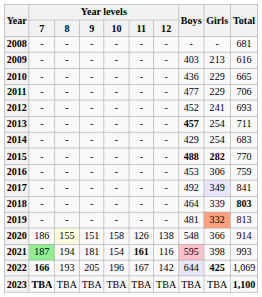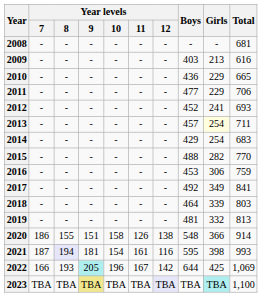 <table class="wikitable sortable">
 <tr>
 <th rowspan=2>Year</th>
 <th colspan=6>Year levels</th>
 <th rowspan=2>Boys</th>
 <th rowspan=2>Girls</th>
 <th rowspan=2>Total</th>
 </tr>
 <tr>
 <th>7</th>
 <th>8</th>
 <th>9</th>
 <th>10</th>
 <th>11</th>
 <th>12</th>
 </tr>
 <tr>
 <th>2008</th>
 <td style="text-align:center">-</td>
 <td style="text-align:center">-</td>
 <td style="text-align:center">-</td>
 <td style="text-align:center">-</td>
 <td style="text-align:center">-</td>
 <td style="text-align:center">-</td>
 <td style="text-align:center">-</td>
 <td style="text-align:center">-</td>
 <td style="text-align:center">681</td>
 </tr>
 <tr>
 <th>2009</th>
 <td style="text-align:center">-</td>
 <td style="text-align:center">-</td>
 <td style="text-align:center">-</td>
 <td style="text-align:center">-</td>
 <td style="text-align:center">-</td>
 <td style="text-align:center">-</td>
 <td style="text-align:center">403</td>
 <td style="text-align:center">213</td>
 <td style="text-align:center">616</td>
 </tr>
 <tr>
 <th>2010</th>
 <td style="text-align:center">-</td>
 <td style="text-align:center">-</td>
 <td style="text-align:center">-</td>
 <td style="text-align:center">-</td>
 <td style="text-align:center">-</td>
 <td style="text-align:center">-</td>
 <td style="text-align:center">436</td>
 <td style="text-align:center">229</td>
 <td style="text-align:center">665</td>
 </tr>
 <tr>
 <th>2011</th>
 <td style="text-align:center">-</td>
 <td style="text-align:center">-</td>
 <td style="text-align:center">-</td>
 <td style="text-align:center">-</td>
 <td style="text-align:center">-</td>
 <td style="text-align:center">-</td>
 <td style="text-align:center">477</td>
 <td style="text-align:center">229</td>
 <td style="text-align:center">706</td>
 </tr>
 <tr>
 <th>2012</th>
 <td style="text-align:center">-</td>
 <td style="text-align:center">-</td>
 <td style="text-align:center">-</td>
 <td style="text-align:center">-</td>
 <td style="text-align:center">-</td>
 <td style="text-align:center">-</td>
 <td style="text-align:center">452</td>
 <td style="text-align:center">241</td>
 <td style="text-align:center">693</td>
 </tr>
 <tr>
 <th>2013</th>
 <td style="text-align:center">-</td>
 <td style="text-align:center">-</td>
 <td style="text-align:center">-</td>
 <td style="text-align:center">-</td>
 <td style="text-align:center">-</td>
 <td style="text-align:center">-</td>
-<td style="text-align:center"><strong>457</strong></td>
-<td style="text-align:center">254</td>
+<td style="text-align:center">457</td>
+<td style="background: lightyellow; text-align:center">254</td>
 <td style="text-align:center">711</td>
 </tr>
 <tr>
 <th>2014</th>
 <td style="text-align:center">-</td>
 <td style="text-align:center">-</td>
 <td style="text-align:center">-</td>
 <td style="text-align:center">-</td>
 <td style="text-align:center">-</td>
 <td style="text-align:center">-</td>
 <td style="text-align:center">429</td>
 <td style="text-align:center">254</td>
 <td style="text-align:center">683</td>
 </tr>
 <tr>
 <th>2015</th>
 <td style="text-align:center">-</td>
 <td style="text-align:center">-</td>
 <td style="text-align:center">-</td>
 <td style="text-align:center">-</td>
 <td style="text-align:center">-</td>
 <td style="text-align:center">-</td>
-<td style="text-align:center"><strong>488</strong></td>
-<td style="text-align:center"><strong>282</strong></td>
+<td style="text-align:center">488</td>
+<td style="text-align:center">282</td>
 <td style="text-align:center">770</td>
 </tr>
 <tr>
 <th>2016</th>
 <td style="text-align:center">-</td>
 <td style="text-align:center">-</td>
 <td style="text-align:center">-</td>
 <td style="text-align:center">-</td>
 <td style="text-align:center">-</td>
 <td style="text-align:center">-</td>
 <td style="text-align:center">453</td>
 <td style="text-align:center">306</td>
 <td style="text-align:center">759</td>
 </tr>
 <tr>
 <th>2017</th>
 <td style="text-align:center">-</td>
 <td style="text-align:center">-</td>
 <td style="text-align:center">-</td>
 <td style="text-align:center">-</td>
 <td style="text-align:center">-</td>
 <td style="text-align:center">-</td>
 <td style="text-align:center">492</td>
-<td style="background: lavender; text-align:center">349</td>
+<td style="text-align:center">349</td>
 <td style="text-align:center">841</td>
 </tr>
 <tr>
 <th>2018</th>
 <td style="text-align:center">-</td>
 <td style="text-align:center">-</td>
 <td style="text-align:center">-</td>
 <td style="text-align:center">-</td>
 <td style="text-align:center">-</td>
 <td style="text-align:center">-</td>
 <td style="text-align:center">464</td>
 <td style="text-align:center">339</td>
-<td style="text-align:center"><strong>803</strong></td>
+<td style="text-align:center">803</td>
 </tr>
 <tr>
 <th>2019</th>
 <td style="text-align:center">-</td>
 <td style="text-align:center">-</td>
 <td style="text-align:center">-</td>
 <td style="text-align:center">-</td>
 <td style="text-align:center">-</td>
 <td style="text-align:center">-</td>
 <td style="text-align:center">481</td>
-<td style="background: lightsalmon; text-align:center">332</td>
+<td style="text-align:center">332</td>
 <td style="text-align:center">813</td>
 </tr>
 <tr>
 <th>2020</th>
 <td style="text-align:center">186</td>
-<td style="background: lightyellow; text-align:center">155</td>
+<td style="text-align:center">155</td>
 <td style="text-align:center">151</td>
 <td style="text-align:center">158</td>
 <td style="text-align:center">126</td>
 <td style="text-align:center">138</td>
 <td style="text-align:center">548</td>
 <td style="text-align:center">366</td>
 <td style="text-align:center">914</td>
 </tr>
 <tr>
 <th>2021</th>
-<td style="background: lightgreen; text-align:center">187</td>
-<td style="text-align:center">194</td>
+<td style="text-align:center">187</td>
+<td style="background: lavender; text-align:center">194</td>
 <td style="text-align:center">181</td>
 <td style="text-align:center">154</td>
-<td style="text-align:center"><strong>161</strong></td>
+<td style="text-align:center">161</td>
 <td style="text-align:center">116</td>
-<td style="background: pink; text-align:center">595</td>
+<td style="text-align:center">595</td>
 <td style="text-align:center">398</td>
 <td style="text-align:center">993</td>
 </tr>
 <tr>
 <th>2022</th>
-<td style="text-align:center"><strong>166</strong></td>
+<td style="text-align:center">166</td>
 <td style="text-align:center">193</td>
-<td style="text-align:center">205</td>
+<td style="background: paleturquoise; text-align:center">205</td>
 <td style="text-align:center">196</td>
 <td style="text-align:center">167</td>
 <td style="text-align:center">142</td>
-<td style="background: lavender; text-align:center">644</td>
-<td style="text-align:center"><strong>425</strong></td>
+<td style="text-align:center">644</td>
+<td style="text-align:center">425</td>
 <td style="text-align:center">1,069</td>
 </tr>
 <tr>
 <th>2023</th>
-<td style="text-align:center"><strong>TBA</strong></td>
 <td style="text-align:center">TBA</td>
 <td style="text-align:center">TBA</td>
+<td style="background: khaki; text-align:center">TBA</td>
 <td style="text-align:center">TBA</td>
 <td style="text-align:center">TBA</td>
+<td style="background: lavender; text-align:center">TBA</td>
 <td style="text-align:center">TBA</td>
-<td style="text-align:center">TBA</td>
-<td style="text-align:center">TBA</td>
-<td style="text-align:center"><strong>1,100</strong></td>
+<td style="background: paleturquoise; text-align:center">TBA</td>
+<td style="text-align:center">1,100</td>
 </tr>
 </table>
